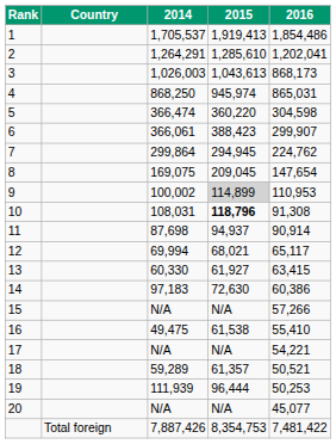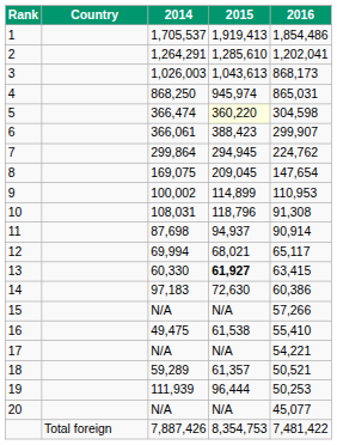 <table class="wikitable" kut>
 <tr>
 </tr>
 <tr style="color:white;">
 <th style="width:5px; background:#00966E;">Rank</th>
 <th style="width:130px; background:#00966E;">Country</th>
 <th style="width:50px; background:#00966E;">2014</th>
 <th style="width:50px; background:#00966E;">2015</th>
 <th style="width:50px; background:#00966E;">2016</th>
 </tr>
 <tr>
 <td>1</td>
 <td></td>
 <td>1,705,537</td>
 <td>1,919,413</td>
 <td>1,854,486</td>
 </tr>
 <tr>
 <td>2</td>
 <td></td>
 <td>1,264,291</td>
 <td>1,285,610</td>
 <td>1,202,041</td>
 </tr>
 <tr>
 <td>3</td>
 <td></td>
 <td>1,026,003</td>
 <td>1,043,613</td>
 <td>868,173</td>
 </tr>
 <tr>
 <td>4</td>
 <td></td>
 <td>868,250</td>
 <td>945,974</td>
 <td>865,031</td>
 </tr>
 <tr>
 <td>5</td>
 <td></td>
 <td>366,474</td>
-<td>360,220</td>
+<td style="background: lightyellow;">360,220</td>
 <td>304,598</td>
 </tr>
 <tr>
 <td>6</td>
 <td></td>
 <td>366,061</td>
 <td>388,423</td>
 <td>299,907</td>
 </tr>
 <tr>
 <td>7</td>
 <td></td>
 <td>299,864</td>
 <td>294,945</td>
 <td>224,762</td>
 </tr>
 <tr>
 <td>8</td>
 <td></td>
 <td>169,075</td>
 <td>209,045</td>
 <td>147,654</td>
 </tr>
 <tr>
 <td>9</td>
 <td></td>
 <td>100,002</td>
-<td style="background: lightgrey;">114,899</td>
+<td>114,899</td>
 <td>110,953</td>
 </tr>
 <tr>
 <td>10</td>
 <td></td>
 <td>108,031</td>
-<td><strong>118,796</strong></td>
+<td>118,796</td>
 <td>91,308</td>
 </tr>
 <tr>
 <td>11</td>
 <td></td>
 <td>87,698</td>
 <td>94,937</td>
 <td>90,914</td>
 </tr>
 <tr>
 <td>12</td>
 <td></td>
 <td>69,994</td>
 <td>68,021</td>
 <td>65,117</td>
 </tr>
 <tr>
 <td>13</td>
 <td></td>
 <td>60,330</td>
-<td>61,927</td>
+<td><strong>61,927</strong></td>
 <td>63,415</td>
 </tr>
 <tr>
 <td>14</td>
 <td></td>
 <td>97,183</td>
 <td>72,630</td>
 <td>60,386</td>
 </tr>
 <tr>
 <td>15</td>
 <td></td>
 <td>N/A</td>
 <td>N/A</td>
 <td>57,266</td>
 </tr>
 <tr>
 <td>16</td>
 <td></td>
 <td>49,475</td>
 <td>61,538</td>
 <td>55,410</td>
 </tr>
 <tr>
 <td>17</td>
 <td></td>
 <td>N/A</td>
 <td>N/A</td>
 <td>54,221</td>
 </tr>
 <tr>
 <td>18</td>
 <td></td>
 <td>59,289</td>
 <td>61,357</td>
 <td>50,521</td>
 </tr>
 <tr>
 <td>19</td>
 <td></td>
 <td>111,939</td>
 <td>96,444</td>
 <td>50,253</td>
 </tr>
 <tr>
 <td>20</td>
 <td></td>
 <td>N/A</td>
 <td>N/A</td>
 <td>45,077</td>
 </tr>
 <tr>
 <td></td>
 <td>Total foreign</td>
 <td>7,887,426</td>
 <td>8,354,753</td>
 <td>7,481,422</td>
 </tr>
 </table>
